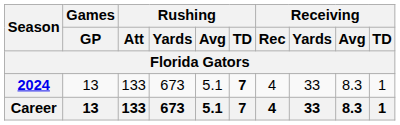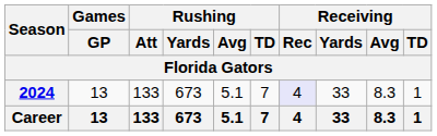 <table class="wikitable" style="text-align:center;">
 <tr>
 <th rowspan="2">Season</th>
 <th>Games</th>
 <th colspan="4">Rushing</th>
 <th colspan="4">Receiving</th>
 </tr>
 <tr>
 <th>GP</th>
 <th>Att</th>
 <th>Yards</th>
 <th>Avg</th>
 <th>TD</th>
 <th>Rec</th>
 <th>Yards</th>
 <th>Avg</th>
 <th>TD</th>
 </tr>
 <tr>
 <th colspan="12">Florida Gators</th>
 </tr>
 <tr>
 <th><a href='#'>2024</a></th>
 <td>13</td>
 <td>133</td>
 <td>673</td>
 <td>5.1</td>
-<td><strong>7</strong></td>
-<td>4</td>
+<td>7</td>
+<td style="background: lavender;">4</td>
 <td>33</td>
 <td>8.3</td>
 <td>1</td>
 </tr>
 <tr>
 <th>Career</th>
 <th>13</th>
 <th>133</th>
 <th>673</th>
 <th>5.1</th>
 <th>7</th>
 <th>4</th>
 <th>33</th>
 <th>8.3</th>
 <th>1</th>
 </tr>
 </table>
